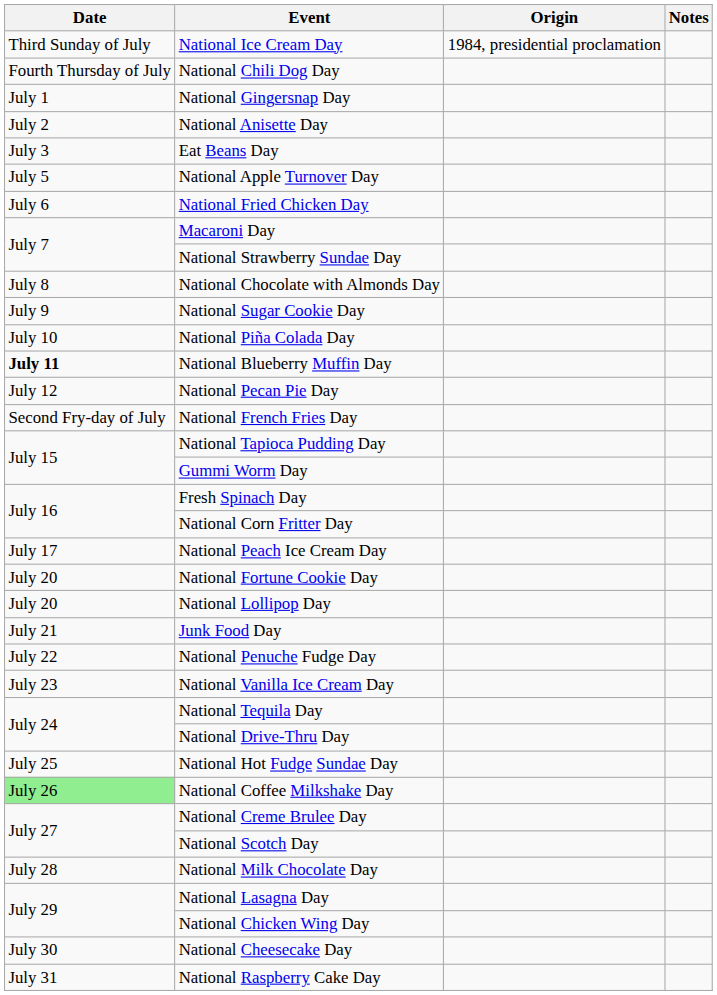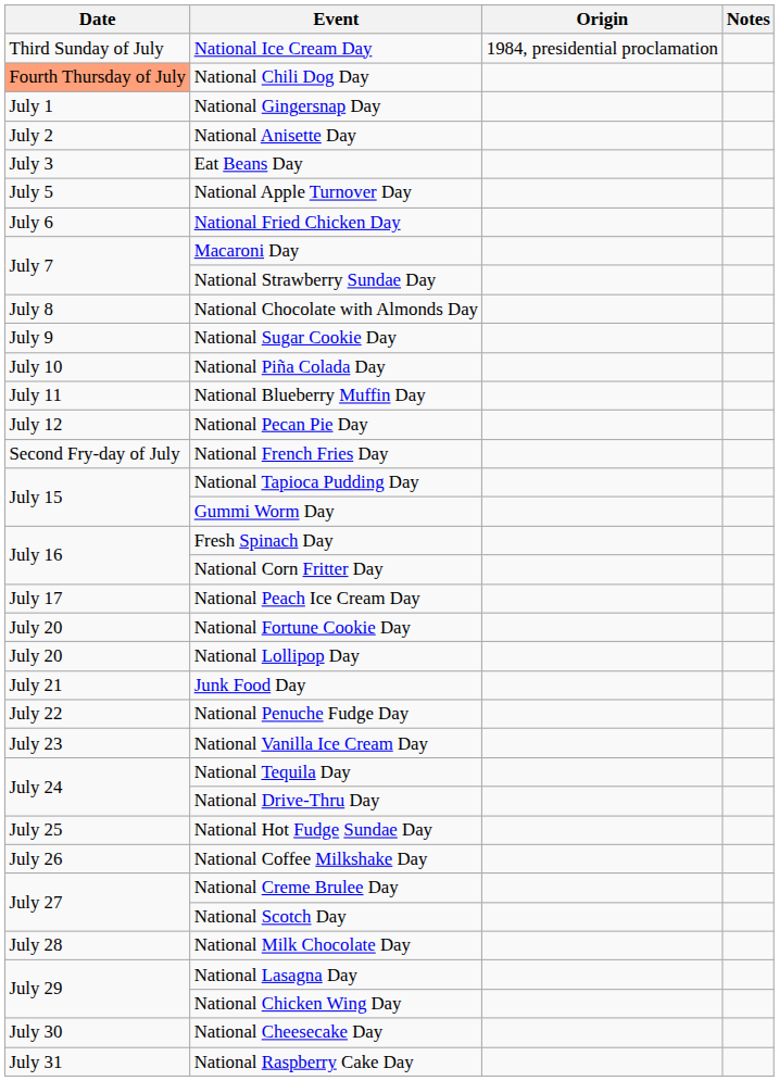 <table class="wikitable sortable">
 <tr>
 <th>Date</th>
 <th>Event</th>
 <th>Origin</th>
 <th>Notes</th>
 </tr>
 <tr>
 <td>Third Sunday of July</td>
 <td><a href='#'>National Ice Cream Day</a></td>
 <td>1984, presidential proclamation</td>
 <td></td>
 </tr>
 <tr>
-<td>Fourth Thursday of July</td>
+<td style="background: lightsalmon;">Fourth Thursday of July</td>
 <td>National <a href='#'>Chili Dog</a> Day</td>
 <td></td>
 <td></td>
 </tr>
 <tr>
 <td>July 1</td>
 <td>National <a href='#'>Gingersnap</a> Day</td>
 <td></td>
 <td></td>
 </tr>
 <tr>
 <td>July 2</td>
 <td>National <a href='#'>Anisette</a> Day</td>
 <td></td>
 <td></td>
 </tr>
 <tr>
 <td>July 3</td>
 <td>Eat <a href='#'>Beans</a> Day</td>
 <td></td>
 <td></td>
 </tr>
 <tr>
 <td>July 5</td>
 <td>National Apple <a href='#'>Turnover</a> Day</td>
 <td></td>
 <td></td>
 </tr>
 <tr>
 <td>July 6</td>
 <td><a href='#'>National Fried Chicken Day</a></td>
 <td></td>
 <td></td>
 </tr>
 <tr>
 <td rowspan="2">July 7</td>
 <td><a href='#'>Macaroni</a> Day</td>
 <td></td>
 <td></td>
 </tr>
 <tr>
 <td>National Strawberry <a href='#'>Sundae</a> Day</td>
 <td></td>
 <td></td>
 </tr>
 <tr>
 <td>July 8</td>
 <td>National Chocolate with Almonds Day</td>
 <td></td>
 <td></td>
 </tr>
 <tr>
 <td>July 9</td>
 <td>National <a href='#'>Sugar Cookie</a> Day</td>
 <td></td>
 <td></td>
 </tr>
 <tr>
 <td>July 10</td>
 <td>National <a href='#'>Piña Colada</a> Day</td>
 <td></td>
 <td></td>
 </tr>
 <tr>
-<td><strong>July 11</strong></td>
+<td>July 11</td>
 <td>National Blueberry <a href='#'>Muffin</a> Day</td>
 <td></td>
 <td></td>
 </tr>
 <tr>
 <td>July 12</td>
 <td>National <a href='#'>Pecan Pie</a> Day</td>
 <td></td>
 <td></td>
 </tr>
 <tr>
 <td>Second Fry-day of July</td>
 <td>National <a href='#'>French Fries</a> Day</td>
 <td></td>
 <td></td>
 </tr>
 <tr |->
 <td rowspan="2">July 15</td>
 <td>National <a href='#'>Tapioca Pudding</a> Day</td>
 <td></td>
 <td></td>
 </tr>
 <tr>
 <td><a href='#'>Gummi Worm</a> Day</td>
 <td></td>
 <td></td>
 </tr>
 <tr>
 <td rowspan="2">July 16</td>
 <td>Fresh <a href='#'>Spinach</a> Day</td>
 <td></td>
 <td></td>
 </tr>
 <tr>
 <td>National Corn <a href='#'>Fritter</a> Day</td>
 <td></td>
 <td></td>
 </tr>
 <tr>
 <td>July 17</td>
 <td>National <a href='#'>Peach</a> Ice Cream Day</td>
 <td></td>
 <td></td>
 </tr>
 <tr>
 <td>July 20</td>
 <td>National <a href='#'>Fortune Cookie</a> Day</td>
 <td></td>
 <td></td>
 </tr>
 <tr>
 <td>July 20</td>
 <td>National <a href='#'>Lollipop</a> Day</td>
 <td></td>
 <td></td>
 </tr>
 <tr>
 <td>July 21</td>
 <td><a href='#'>Junk Food</a> Day</td>
 <td></td>
 <td></td>
 </tr>
 <tr>
 <td>July 22</td>
 <td>National <a href='#'>Penuche</a> Fudge Day</td>
 <td></td>
 <td></td>
 </tr>
 <tr>
 <td>July 23</td>
 <td>National <a href='#'>Vanilla Ice Cream</a> Day</td>
 <td></td>
 <td></td>
 </tr>
 <tr>
 <td rowspan="2">July 24</td>
 <td>National <a href='#'>Tequila</a> Day</td>
 <td></td>
 <td></td>
 </tr>
 <tr>
 <td>National <a href='#'>Drive-Thru</a> Day</td>
 <td></td>
 <td></td>
 </tr>
 <tr>
 <td>July 25</td>
 <td>National Hot <a href='#'>Fudge</a> <a href='#'>Sundae</a> Day</td>
 <td></td>
 <td></td>
 </tr>
 <tr>
-<td style="background: lightgreen;">July 26</td>
+<td>July 26</td>
 <td>National Coffee <a href='#'>Milkshake</a> Day</td>
 <td></td>
 <td></td>
 </tr>
 <tr>
 <td rowspan="2">July 27</td>
 <td>National <a href='#'>Creme Brulee</a> Day</td>
 <td></td>
 <td></td>
 </tr>
 <tr>
 <td>National <a href='#'>Scotch</a> Day</td>
 <td></td>
 <td></td>
 </tr>
 <tr>
 <td>July 28</td>
 <td>National <a href='#'>Milk Chocolate</a> Day</td>
 <td></td>
 <td></td>
 </tr>
 <tr>
 <td rowspan="2">July 29</td>
 <td>National <a href='#'>Lasagna</a> Day</td>
 <td></td>
 <td></td>
 </tr>
 <tr>
 <td>National <a href='#'>Chicken Wing</a> Day</td>
 <td></td>
 <td></td>
 </tr>
 <tr>
 <td>July 30</td>
 <td>National <a href='#'>Cheesecake</a> Day</td>
 <td></td>
 <td></td>
 </tr>
 <tr>
 <td>July 31</td>
 <td>National <a href='#'>Raspberry</a> Cake Day</td>
 <td></td>
 <td></td>
 </tr>
 </table>
